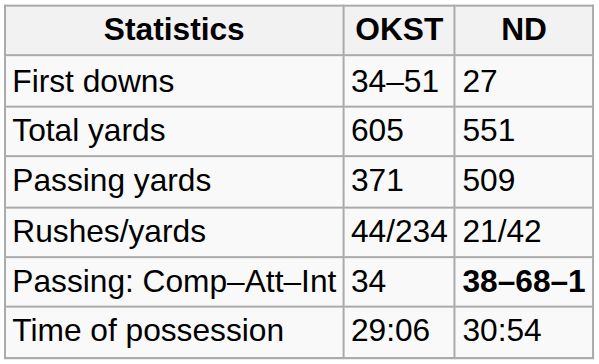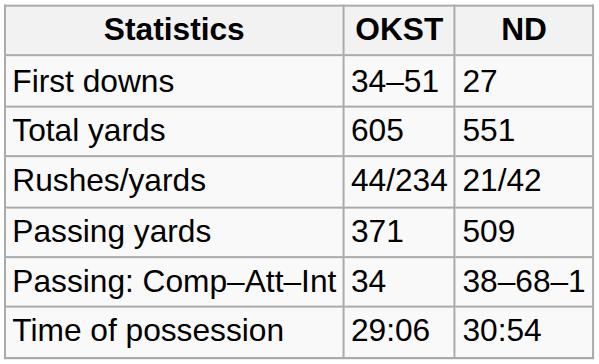 <table class="wikitable" style="float: left;">
 <tr>
 <th>Statistics</th>
 <th>OKST</th>
 <th>ND</th>
 </tr>
 <tr>
 <td>First downs</td>
 <td>34–51</td>
 <td>27</td>
 </tr>
 <tr>
 <td>Total yards</td>
 <td>605</td>
 <td>551</td>
 </tr>
 <tr>
+<td>Rushes/yards</td>
+<td>44/234</td>
+<td>21/42</td>
+</tr>
+<tr>
 <td>Passing yards</td>
 <td>371</td>
 <td>509</td>
 </tr>
 <tr>
-<td>Rushes/yards</td>
-<td>44/234</td>
-<td>21/42</td>
-</tr>
-<tr>
 <td>Passing: Comp–Att–Int</td>
 <td>34</td>
-<td><strong>38–68–1</strong></td>
+<td>38–68–1</td>
 </tr>
 <tr>
 <td>Time of possession</td>
 <td>29:06</td>
 <td>30:54</td>
 </tr>
 <tr>
 </tr>
 </table>
